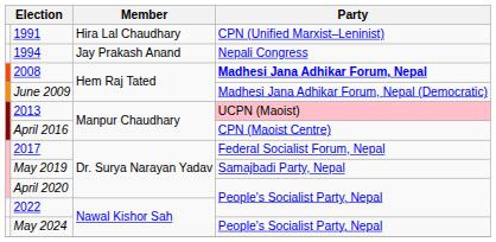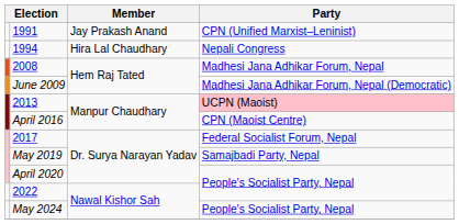 <table class="wikitable">
 <tr>
 <th colspan="2">Election</th>
 <th>Member</th>
 <th>Party</th>
 </tr>
 <tr>
 <td style="background-color:"></td>
 <td><a href='#'>1991</a></td>
-<td>Hira Lal Chaudhary</td>
+<td>Jay Prakash Anand</td>
 <td><a href='#'>CPN (Unified Marxist–Leninist)</a></td>
 </tr>
 <tr>
 <td style="background-color:"></td>
 <td><a href='#'>1994</a></td>
-<td>Jay Prakash Anand</td>
+<td>Hira Lal Chaudhary</td>
 <td><a href='#'>Nepali Congress</a></td>
 </tr>
 <tr>
 <td style="background-color:orangered"></td>
 <td><a href='#'>2008</a></td>
 <td rowspan="2">Hem Raj Tated</td>
-<td><strong><a href='#'>Madhesi Jana Adhikar Forum, Nepal</a></strong></td>
+<td><a href='#'>Madhesi Jana Adhikar Forum, Nepal</a></td>
 </tr>
 <tr>
 <td style="background-color:darkorange"></td>
 <td><em>June 2009</em></td>
 <td><a href='#'>Madhesi Jana Adhikar Forum, Nepal (Democratic)</a></td>
 </tr>
 <tr>
 <td rowspan="2" style="background-color:darkred"></td>
 <td><a href='#'>2013</a></td>
 <td rowspan="2">Manpur Chaudhary</td>
 <td style="background: pink;">UCPN (Maoist)</td>
 </tr>
 <tr>
 <td><em>April 2016</em></td>
 <td><a href='#'>CPN (Maoist Centre)</a></td>
 </tr>
 <tr>
 <td rowspan="3" style="background-color:pink"></td>
 <td><a href='#'>2017</a></td>
 <td rowspan="3">Dr. Surya Narayan Yadav</td>
 <td><a href='#'>Federal Socialist Forum, Nepal</a></td>
 </tr>
 <tr>
 <td><em>May 2019</em></td>
 <td><a href='#'>Samajbadi Party, Nepal</a></td>
 </tr>
 <tr>
 <td><em>April 2020</em></td>
 <td rowspan="2"><a href='#'>People's Socialist Party, Nepal</a></td>
 </tr>
 <tr>
 <td style="background-color:"></td>
 <td><a href='#'>2022</a></td>
 <td rowspan="2"><a href='#'>Nawal Kishor Sah</a></td>
 </tr>
 <tr>
 <td style="background-color:"></td>
 <td><em>May 2024</em></td>
 <td><a href='#'>People's Socialist Party, Nepal</a></td>
 </tr>
 <tr>
 </tr>
 </table>
